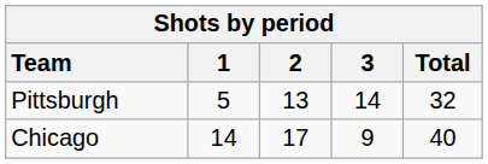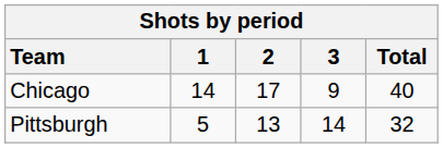 <table class="wikitable" style="width:20em; text-align:right;">
 <tr>
 <th colspan=5>Shots by period</th>
 </tr>
 <tr>
 <th style="width:8em; text-align:left;">Team</th>
 <th style="width:3em;">1</th>
 <th style="width:3em;">2</th>
 <th style="width:3em;">3</th>
 <th style="width:3em;">Total</th>
 </tr>
 <tr>
+<td style="text-align:left;">Chicago</td>
+<td align=center>14</td>
+<td align=center>17</td>
+<td align=center>9</td>
+<td align=center>40</td>
+</tr>
+<tr>
 <td style="text-align:left;">Pittsburgh</td>
 <td align=center>5</td>
 <td align=center>13</td>
 <td align=center>14</td>
 <td align=center>32</td>
 </tr>
-<tr>
-<td style="text-align:left;">Chicago</td>
-<td align=center>14</td>
-<td align=center>17</td>
-<td align=center>9</td>
-<td align=center>40</td>
-</tr>
 </table>
